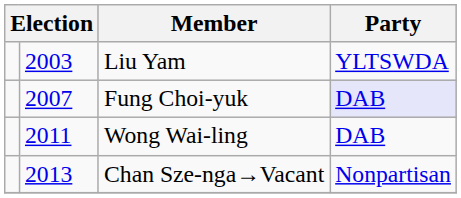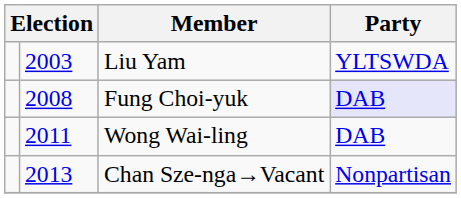 <table class="wikitable">
 <tr>
 <th colspan="2">Election</th>
 <th>Member</th>
 <th>Party</th>
 </tr>
 <tr>
 <td style="background-color: "></td>
 <td><a href='#'>2003</a></td>
 <td>Liu Yam</td>
 <td><a href='#'>YLTSWDA</a></td>
 </tr>
 <tr>
 <td style="background-color: "></td>
-<td><a href='#'>2007</a></td>
+<td><a href='#'>2008</a></td>
 <td>Fung Choi-yuk</td>
 <td style="background: lavender;"><a href='#'>DAB</a></td>
 </tr>
 <tr>
 <td style="background-color: "></td>
 <td><a href='#'>2011</a></td>
 <td>Wong Wai-ling</td>
 <td><a href='#'>DAB</a></td>
 </tr>
 <tr>
 <td style="background-color: "></td>
 <td><a href='#'>2013</a></td>
 <td>Chan Sze-nga→Vacant</td>
 <td><a href='#'>Nonpartisan</a></td>
 </tr>
 <tr>
 </tr>
 </table>
